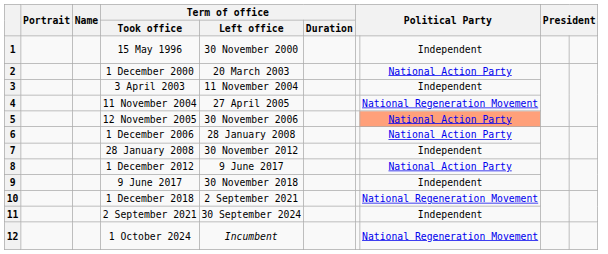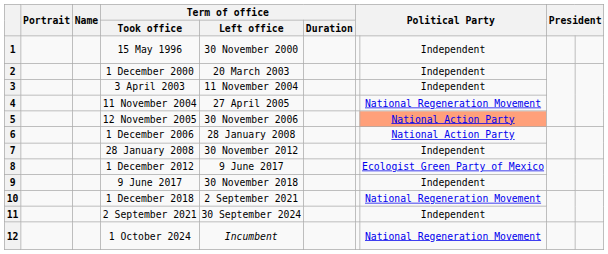 <table class="wikitable sortable" style="text-align:center;">
 <tr>
 <th rowspan="2"></th>
 <th rowspan="2" class="unsortable">Portrait</th>
 <th rowspan="2">Name</th>
 <th colspan="3">Term of office</th>
 <th colspan="2" rowspan="2">Political Party</th>
 <th colspan="2" rowspan="2">President</th>
 </tr>
 <tr>
 <th>Took office</th>
 <th>Left office</th>
 <th>Duration</th>
 </tr>
 <tr>
 <th>1</th>
 <td></td>
 <td></td>
 <td>15 May 1996</td>
 <td>30 November 2000</td>
 <td></td>
 <td style="background: "></td>
 <td>Independent</td>
 <td style="background: "></td>
 <td><strong></strong><br><br></td>
 </tr>
 <tr>
 <th>2</th>
 <td></td>
 <td><br></td>
 <td>1 December 2000</td>
 <td>20 March 2003</td>
 <td></td>
 <td style="background: "></td>
-<td><a href='#'>National Action Party</a></td>
+<td>Independent</td>
 <td rowspan="4" style="background: "></td>
 <td rowspan="4"><strong></strong><br><br></td>
 </tr>
 <tr>
 <th>3</th>
 <td></td>
 <td></td>
 <td>3 April 2003</td>
 <td>11 November 2004</td>
 <td></td>
 <td style="background: "></td>
 <td>Independent</td>
 </tr>
 <tr>
 <th>4</th>
 <td></td>
 <td><br></td>
 <td>11 November 2004</td>
 <td>27 April 2005</td>
 <td></td>
 <td style="background: "></td>
 <td><a href='#'>National Regeneration Movement</a></td>
 </tr>
 <tr>
 <th>5</th>
 <td></td>
 <td><br></td>
 <td>12 November 2005</td>
 <td>30 November 2006</td>
 <td></td>
 <td style="background: "></td>
 <td style="background: lightsalmon;"><a href='#'>National Action Party</a></td>
 </tr>
 <tr>
 <th>6</th>
 <td></td>
 <td><br></td>
 <td>1 December 2006</td>
 <td>28 January 2008</td>
 <td></td>
 <td style="background: "></td>
 <td><a href='#'>National Action Party</a></td>
 <td rowspan="2" style="background: "></td>
 <td rowspan="2"><strong></strong><br><br></td>
 </tr>
 <tr>
 <th>7</th>
 <td></td>
 <td></td>
 <td>28 January 2008</td>
 <td>30 November 2012</td>
 <td></td>
 <td style="background: "></td>
 <td>Independent</td>
 </tr>
 <tr>
 <th>8</th>
 <td></td>
 <td></td>
 <td>1 December 2012</td>
 <td>9 June 2017</td>
 <td></td>
 <td style="background: "></td>
-<td><a href='#'>National Action Party</a></td>
+<td><a href='#'>Ecologist Green Party of Mexico</a></td>
 <td rowspan="2" style="background: "></td>
 <td rowspan="2"><strong></strong><br><br></td>
 </tr>
 <tr>
 <th>9</th>
 <td></td>
 <td></td>
 <td>9 June 2017</td>
 <td>30 November 2018</td>
 <td></td>
 <td style="background: "></td>
 <td>Independent</td>
 </tr>
 <tr>
 <th>10</th>
 <td></td>
 <td></td>
 <td>1 December 2018</td>
 <td>2 September 2021</td>
 <td></td>
 <td style="background: "></td>
 <td><a href='#'>National Regeneration Movement</a></td>
 <td rowspan="2" style="background: "></td>
 <td rowspan="2"><strong></strong><br><br></td>
 </tr>
 <tr>
 <th>11</th>
 <td></td>
 <td> </td>
 <td>2 September 2021</td>
 <td>30 September 2024</td>
 <td></td>
 <td style="background: "></td>
 <td>Independent</td>
 </tr>
 <tr>
 <th>12</th>
 <td></td>
 <td></td>
 <td>1 October 2024</td>
 <td><em>Incumbent</em></td>
 <td></td>
 <td style="background: "></td>
 <td><a href='#'>National Regeneration Movement</a></td>
 <td style="background: "></td>
 <td><strong></strong><br><br></td>
 </tr>
 </table>
